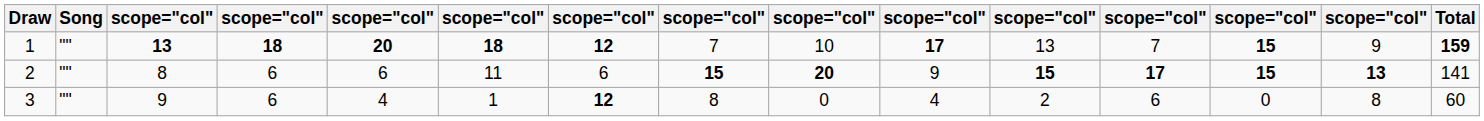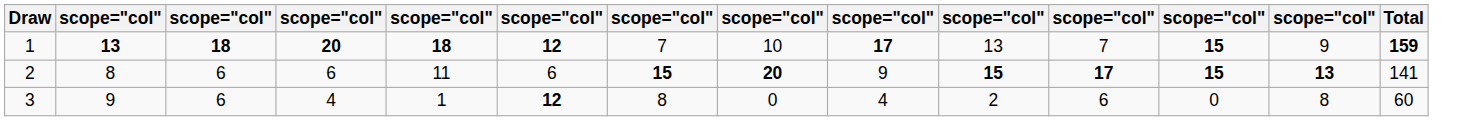 <table class="wikitable" style="margin: 1em auto 1em auto; text-align:center">
 <tr>
 <th>Draw</th>
-<th>Song</th>
 <th>scope="col" </th>
 <th>scope="col" </th>
 <th>scope="col" </th>
 <th>scope="col" </th>
 <th>scope="col" </th>
 <th>scope="col" </th>
 <th>scope="col" </th>
 <th>scope="col" </th>
 <th>scope="col" </th>
 <th>scope="col" </th>
 <th>scope="col" </th>
 <th>scope="col" </th>
 <th>Total</th>
 </tr>
 <tr>
 <td>1</td>
-<td style="text-align:left;">""</td>
 <td><strong>13</strong></td>
 <td><strong>18</strong></td>
 <td><strong>20</strong></td>
 <td><strong>18</strong></td>
 <td><strong>12</strong></td>
 <td>7</td>
 <td>10</td>
 <td><strong>17</strong></td>
 <td>13</td>
 <td>7</td>
 <td><strong>15</strong></td>
 <td>9</td>
 <td><strong>159</strong></td>
 </tr>
 <tr>
 <td>2</td>
-<td style="text-align:left;">""</td>
 <td>8</td>
 <td>6</td>
 <td>6</td>
 <td>11</td>
 <td>6</td>
 <td><strong>15</strong></td>
 <td><strong>20</strong></td>
 <td>9</td>
 <td><strong>15</strong></td>
 <td><strong>17</strong></td>
 <td><strong>15</strong></td>
 <td><strong>13</strong></td>
 <td>141</td>
 </tr>
 <tr>
 <td>3</td>
-<td style="text-align:left;">""</td>
 <td>9</td>
 <td>6</td>
 <td>4</td>
 <td>1</td>
 <td><strong>12</strong></td>
 <td>8</td>
 <td>0</td>
 <td>4</td>
 <td>2</td>
 <td>6</td>
 <td>0</td>
 <td>8</td>
 <td>60</td>
 </tr>
 </table>
